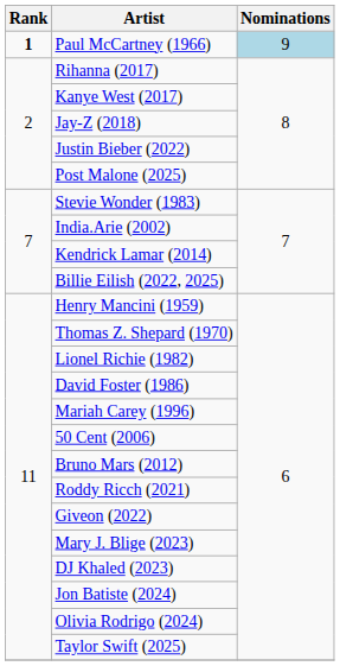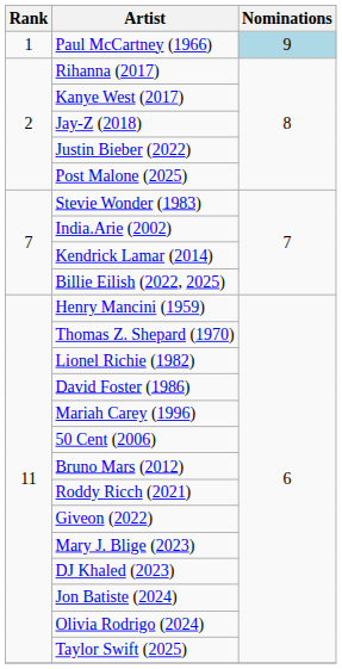 <table class="wikitable" style="text-align: center; cellpadding: 2;">
 <tr>
 <th>Rank</th>
 <th>Artist</th>
 <th>Nominations</th>
 </tr>
 <tr>
-<td rowspan=1><strong>1</strong></td>
+<td rowspan=1>1</td>
 <td style="text-align: left;"><a href='#'>Paul McCartney</a> (<a href='#'>1966</a>)</td>
 <td rowspan="1" style="background: lightblue;">9</td>
 </tr>
 <tr>
 <td rowspan=5>2</td>
 <td style="text-align: left;"><a href='#'>Rihanna</a> (<a href='#'>2017</a>)</td>
 <td rowspan=5>8</td>
 </tr>
 <tr>
 <td style="text-align: left;"><a href='#'>Kanye West</a> (<a href='#'>2017</a>)</td>
 </tr>
 <tr>
 <td style="text-align: left;"><a href='#'>Jay-Z</a> (<a href='#'>2018</a>)</td>
 </tr>
 <tr>
 <td style="text-align: left;"><a href='#'>Justin Bieber</a> (<a href='#'>2022</a>)</td>
 </tr>
 <tr>
 <td style="text-align: left;"><a href='#'>Post Malone</a> (<a href='#'>2025</a>)</td>
 </tr>
 <tr>
 <td rowspan=4>7</td>
 <td style="text-align: left;"><a href='#'>Stevie Wonder</a> (<a href='#'>1983</a>)</td>
 <td rowspan=4>7</td>
 </tr>
 <tr>
 <td style="text-align: left;"><a href='#'>India.Arie</a> (<a href='#'>2002</a>)</td>
 </tr>
 <tr>
 <td style="text-align: left;"><a href='#'>Kendrick Lamar</a> (<a href='#'>2014</a>)</td>
 </tr>
 <tr>
 <td style="text-align: left;"><a href='#'>Billie Eilish</a> (<a href='#'>2022</a>, <a href='#'>2025</a>)</td>
 </tr>
 <tr>
 <td rowspan="14">11</td>
 <td style="text-align: left;"><a href='#'>Henry Mancini</a> (<a href='#'>1959</a>)</td>
 <td rowspan="14">6</td>
 </tr>
 <tr>
 <td style="text-align: left;"><a href='#'>Thomas Z. Shepard</a> (<a href='#'>1970</a>)</td>
 </tr>
 <tr>
 <td style="text-align: left;"><a href='#'>Lionel Richie</a> (<a href='#'>1982</a>)</td>
 </tr>
 <tr>
 <td style="text-align: left;"><a href='#'>David Foster</a> (<a href='#'>1986</a>)</td>
 </tr>
 <tr>
 <td style="text-align: left;"><a href='#'>Mariah Carey</a> (<a href='#'>1996</a>)</td>
 </tr>
 <tr>
 <td style="text-align: left;"><a href='#'>50 Cent</a> (<a href='#'>2006</a>)</td>
 </tr>
 <tr>
 <td style="text-align: left;"><a href='#'>Bruno Mars</a> (<a href='#'>2012</a>)</td>
 </tr>
 <tr>
 <td style="text-align: left;"><a href='#'>Roddy Ricch</a> (<a href='#'>2021</a>)</td>
 </tr>
 <tr>
 <td style="text-align: left;"><a href='#'>Giveon</a> (<a href='#'>2022</a>)</td>
 </tr>
 <tr>
 <td style="text-align: left;"><a href='#'>Mary J. Blige</a> (<a href='#'>2023</a>)</td>
 </tr>
 <tr>
 <td style="text-align: left;"><a href='#'>DJ Khaled</a> (<a href='#'>2023</a>)</td>
 </tr>
 <tr>
 <td style="text-align: left;"><a href='#'>Jon Batiste</a> (<a href='#'>2024</a>)</td>
 </tr>
 <tr>
 <td style="text-align: left;"><a href='#'>Olivia Rodrigo</a> (<a href='#'>2024</a>)</td>
 </tr>
 <tr>
 <td style="text-align: left;"><a href='#'>Taylor Swift</a> (<a href='#'>2025</a>)</td>
 </tr>
 <tr>
 </tr>
 </table>
